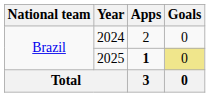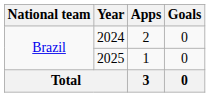 <table class="wikitable" style="text-align:center">
 <tr>
 <th>National team</th>
 <th>Year</th>
 <th>Apps</th>
 <th>Goals</th>
 </tr>
 <tr>
 <td rowspan="2"><a href='#'>Brazil</a></td>
 <td>2024</td>
 <td>2</td>
 <td>0</td>
 </tr>
 <tr>
 <td>2025</td>
-<td><strong>1</strong></td>
-<td style="background: khaki;">0</td>
+<td>1</td>
+<td>0</td>
 </tr>
 <tr>
 <th colspan="2">Total</th>
 <th>3</th>
 <th>0</th>
 </tr>
 </table>
